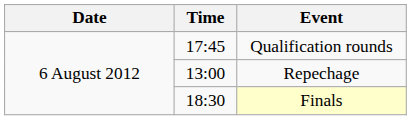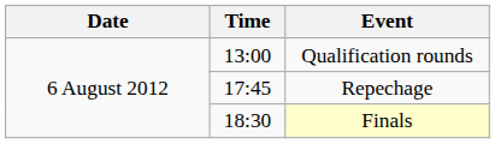 <table class = "wikitable" style="text-align:center;">
 <tr>
 <th width=150>Date</th>
 <th width=50>Time</th>
 <th width=150>Event</th>
 </tr>
 <tr>
 <td rowspan=3>6 August 2012</td>
-<td>17:45</td>
+<td>13:00</td>
 <td>Qualification rounds</td>
 </tr>
 <tr>
-<td>13:00</td>
+<td>17:45</td>
 <td>Repechage</td>
 </tr>
 <tr>
 <td>18:30</td>
 <td bgcolor=ffffcc>Finals</td>
 </tr>
 </table>
